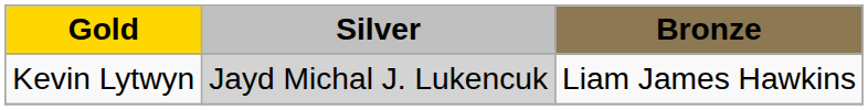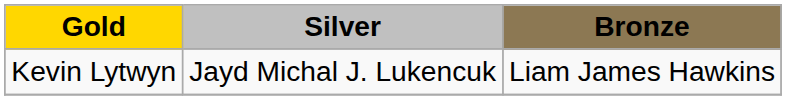 <table class="wikitable">
 <tr>
 <th style="background-color:#FFD700">Gold</th>
 <th style="background-color:#C0C0C0">Silver</th>
 <th style="background-color:#8C7853">Bronze</th>
 </tr>
 <tr>
 <td> Kevin Lytwyn</td>
-<td style="background: lightgrey;"> Jayd Michal J. Lukencuk</td>
+<td> Jayd Michal J. Lukencuk</td>
 <td> Liam James Hawkins</td>
 </tr>
 <tr>
 </tr>
 </table>
